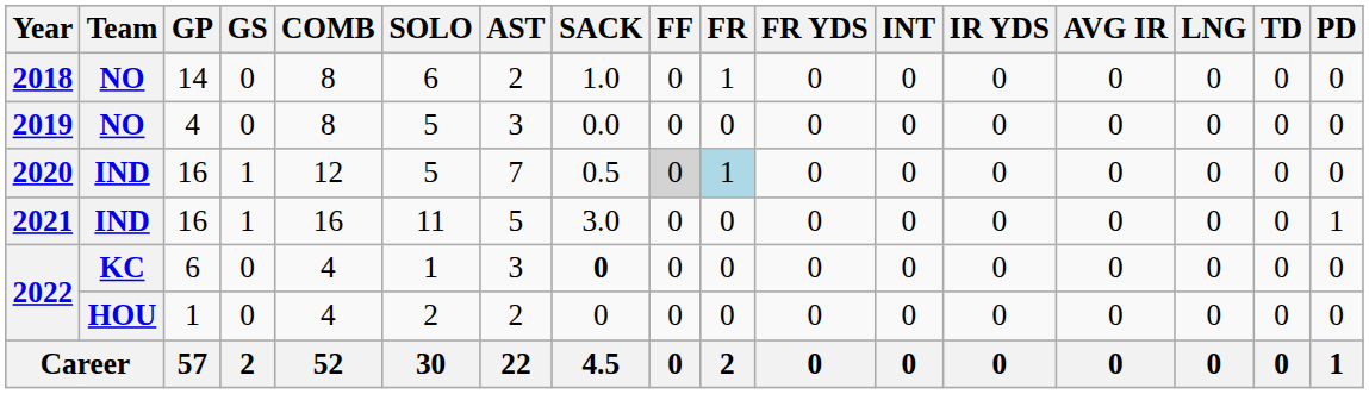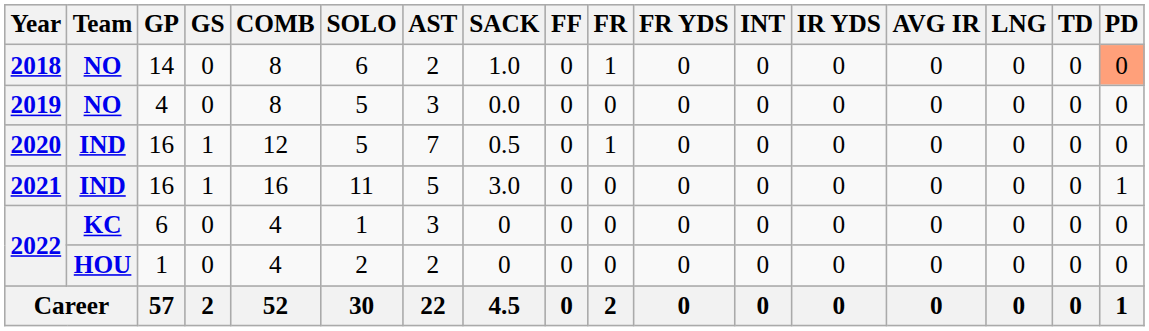 <table class="wikitable" style="text-align:center">
 <tr>
 <th>Year</th>
 <th>Team</th>
 <th>GP</th>
 <th>GS</th>
 <th>COMB</th>
 <th>SOLO</th>
 <th>AST</th>
 <th>SACK</th>
 <th>FF</th>
 <th>FR</th>
 <th>FR YDS</th>
 <th>INT</th>
 <th>IR YDS</th>
 <th>AVG IR</th>
 <th>LNG</th>
 <th>TD</th>
 <th>PD</th>
 </tr>
 <tr>
 <th><a href='#'>2018</a></th>
 <th><a href='#'>NO</a></th>
 <td>14</td>
 <td>0</td>
 <td>8</td>
 <td>6</td>
 <td>2</td>
 <td>1.0</td>
 <td>0</td>
 <td>1</td>
 <td>0</td>
 <td>0</td>
 <td>0</td>
 <td>0</td>
 <td>0</td>
 <td>0</td>
-<td>0</td>
+<td style="background: lightsalmon;">0</td>
 </tr>
 <tr>
 <th><a href='#'>2019</a></th>
 <th><a href='#'>NO</a></th>
 <td>4</td>
 <td>0</td>
 <td>8</td>
 <td>5</td>
 <td>3</td>
 <td>0.0</td>
 <td>0</td>
 <td>0</td>
 <td>0</td>
 <td>0</td>
 <td>0</td>
 <td>0</td>
 <td>0</td>
 <td>0</td>
 <td>0</td>
 </tr>
 <tr>
 <th><a href='#'>2020</a></th>
 <th><a href='#'>IND</a></th>
 <td>16</td>
 <td>1</td>
 <td>12</td>
 <td>5</td>
 <td>7</td>
 <td>0.5</td>
-<td style="background: lightgrey;">0</td>
-<td style="background: lightblue;">1</td>
+<td>0</td>
+<td>1</td>
 <td>0</td>
 <td>0</td>
 <td>0</td>
 <td>0</td>
 <td>0</td>
 <td>0</td>
 <td>0</td>
 </tr>
 <tr>
 <th><a href='#'>2021</a></th>
 <th><a href='#'>IND</a></th>
 <td>16</td>
 <td>1</td>
 <td>16</td>
 <td>11</td>
 <td>5</td>
 <td>3.0</td>
 <td>0</td>
 <td>0</td>
 <td>0</td>
 <td>0</td>
 <td>0</td>
 <td>0</td>
 <td>0</td>
 <td>0</td>
 <td>1</td>
 </tr>
 <tr>
 <th rowspan="2"><a href='#'>2022</a></th>
 <th><a href='#'>KC</a></th>
 <td>6</td>
 <td>0</td>
 <td>4</td>
 <td>1</td>
 <td>3</td>
-<td><strong>0</strong></td>
+<td>0</td>
 <td>0</td>
 <td>0</td>
 <td>0</td>
 <td>0</td>
 <td>0</td>
 <td>0</td>
 <td>0</td>
 <td>0</td>
 <td>0</td>
 </tr>
 <tr>
 <th><a href='#'>HOU</a></th>
 <td>1</td>
 <td>0</td>
 <td>4</td>
 <td>2</td>
 <td>2</td>
 <td>0</td>
 <td>0</td>
 <td>0</td>
 <td>0</td>
 <td>0</td>
 <td>0</td>
 <td>0</td>
 <td>0</td>
 <td>0</td>
 <td>0</td>
 </tr>
 <tr>
 <th colspan="2">Career</th>
 <th>57</th>
 <th>2</th>
 <th>52</th>
 <th>30</th>
 <th>22</th>
 <th>4.5</th>
 <th>0</th>
 <th>2</th>
 <th>0</th>
 <th>0</th>
 <th>0</th>
 <th>0</th>
 <th>0</th>
 <th>0</th>
 <th>1</th>
 </tr>
 </table>
